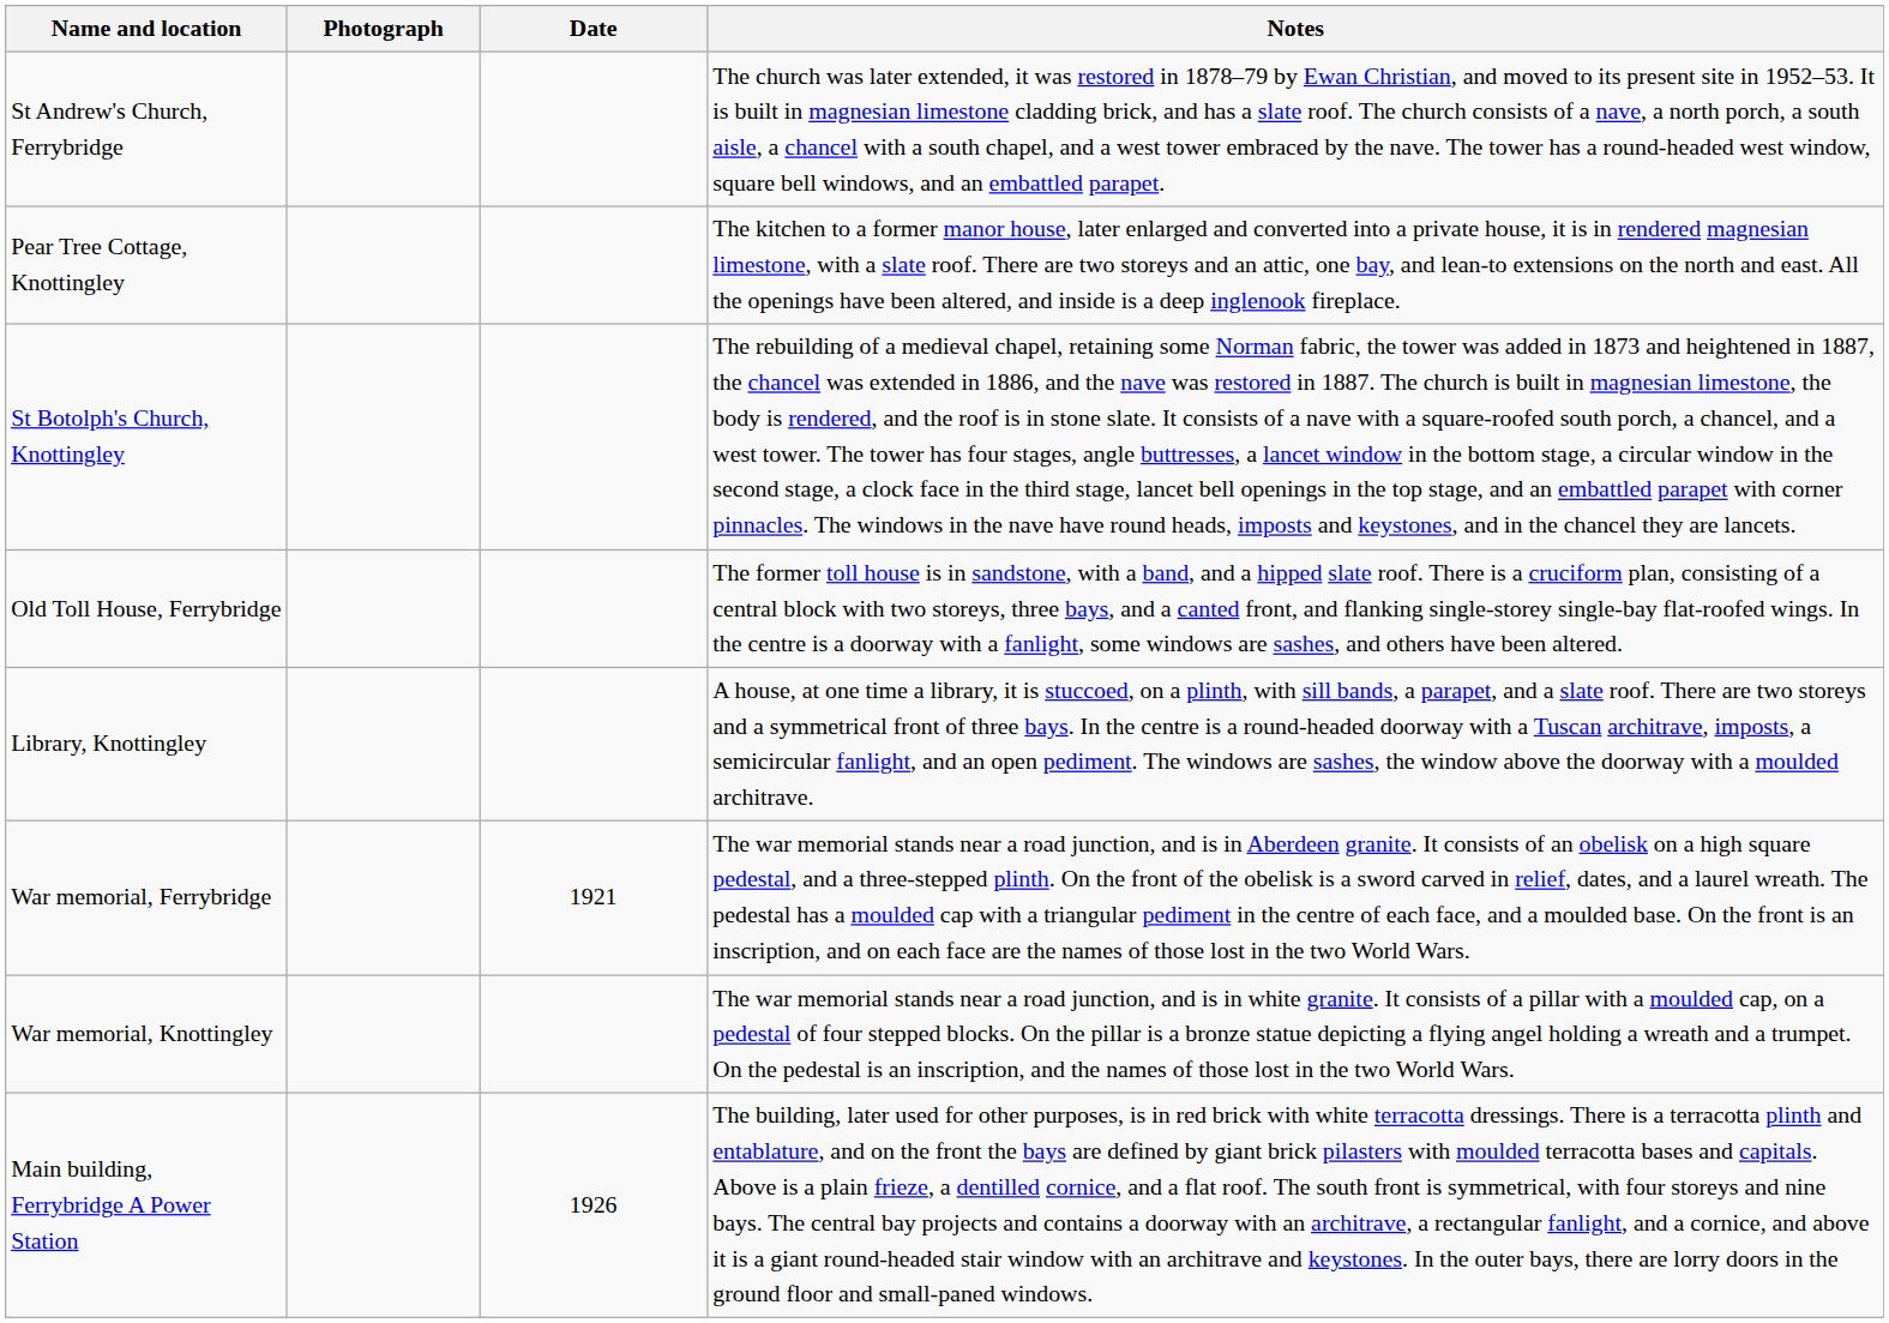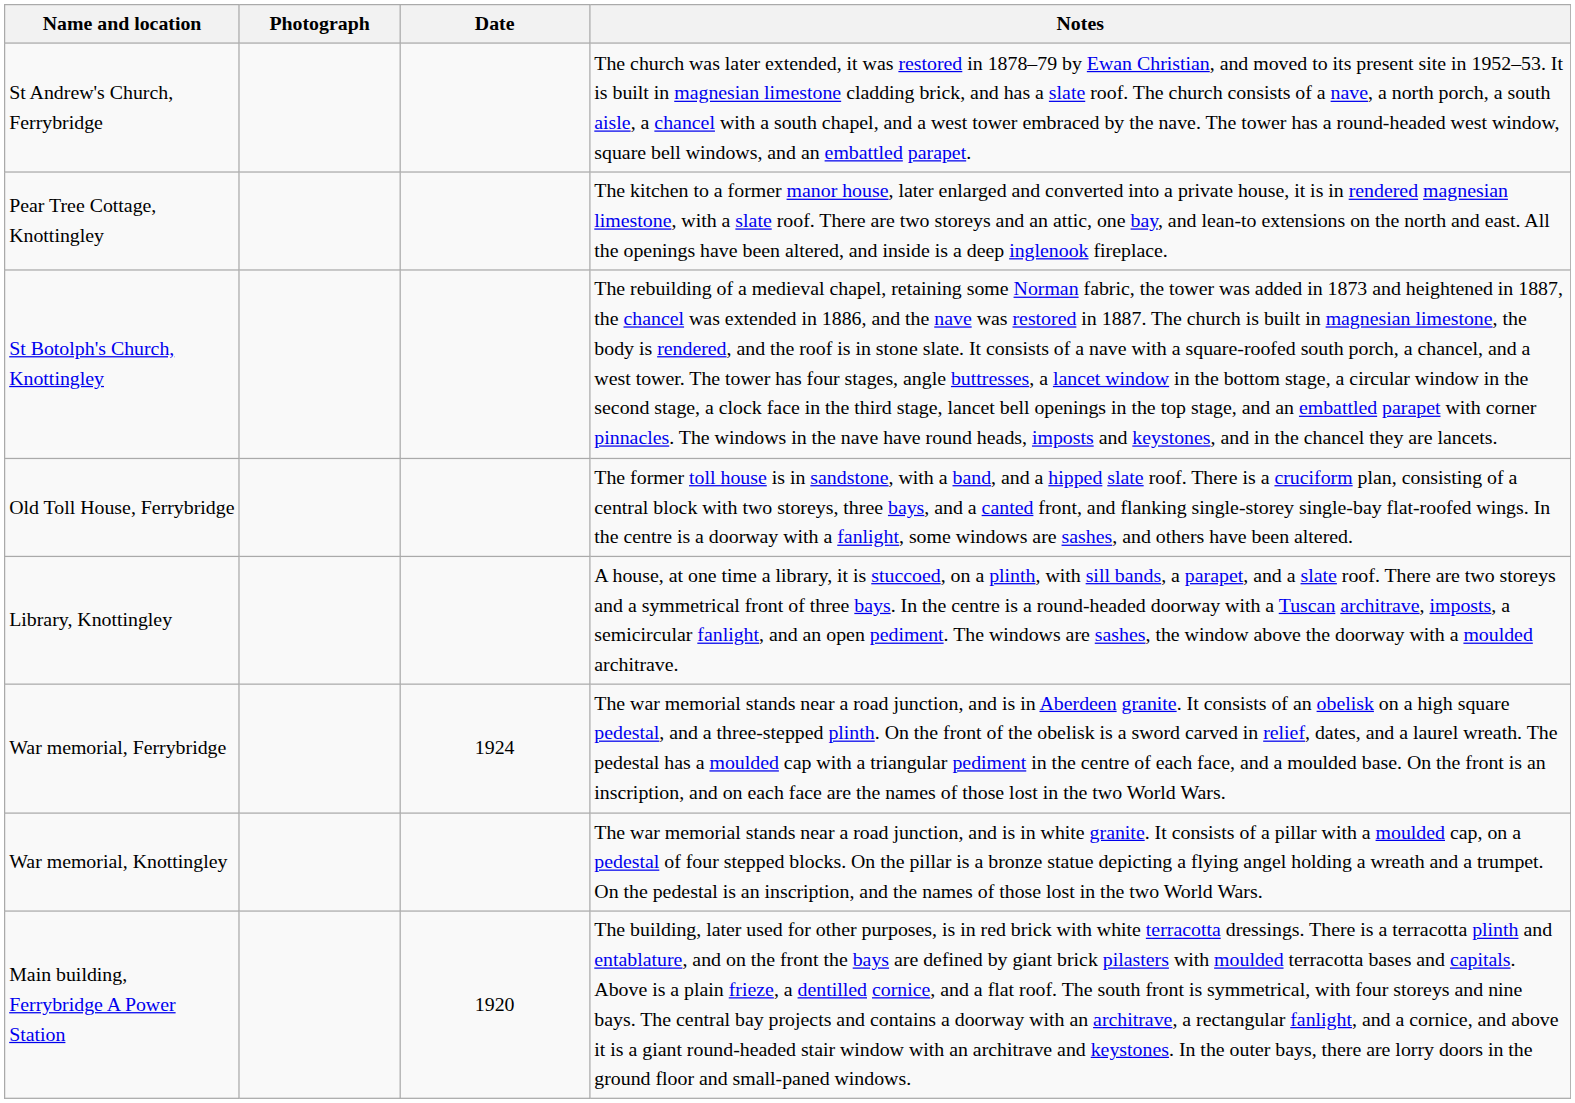 <table class="wikitable sortable plainrowheaders" style="width:100%;border:0px;text-align:left;line-height:150%;">
 <tr>
 <th scope="col"  style="width:150px">Name and location</th>
 <th scope="col"  style="width:100px" class="unsortable">Photograph</th>
 <th scope="col"  style="width:120px">Date</th>
 <th scope="col"  style="width:650px" class="unsortable">Notes</th>
 </tr>
 <tr>
 <td>St Andrew's Church, Ferrybridge<br><small></small></td>
 <td></td>
 <td align="center"></td>
 <td>The church was later extended, it was <a href='#'>restored</a> in 1878–79 by <a href='#'>Ewan Christian</a>, and moved to its present site in 1952–53.  It is built in <a href='#'>magnesian limestone</a> cladding brick, and has a <a href='#'>slate</a> roof.  The church consists of a <a href='#'>nave</a>, a north porch, a south <a href='#'>aisle</a>, a <a href='#'>chancel</a> with a south chapel, and a west tower embraced by the nave.  The tower has a round-headed west window, square bell windows, and an <a href='#'>embattled</a> <a href='#'>parapet</a>.</td>
 </tr>
 <tr>
 <td>Pear Tree Cottage, Knottingley<br><small></small></td>
 <td></td>
 <td align="center"></td>
 <td>The kitchen to a former <a href='#'>manor house</a>, later enlarged and converted into a private house, it is in <a href='#'>rendered</a> <a href='#'>magnesian limestone</a>, with a <a href='#'>slate</a> roof.  There are two storeys and an attic, one <a href='#'>bay</a>, and lean-to extensions on the north and east.  All the openings have been altered, and inside is a deep <a href='#'>inglenook</a> fireplace.</td>
 </tr>
 <tr>
 <td><a href='#'>St Botolph's Church, Knottingley</a><br><small></small></td>
 <td></td>
 <td align="center"></td>
 <td>The rebuilding of a medieval chapel, retaining some <a href='#'>Norman</a> fabric, the tower was added in 1873 and heightened in 1887, the <a href='#'>chancel</a> was extended in 1886, and the <a href='#'>nave</a> was <a href='#'>restored</a> in 1887.  The church is built in <a href='#'>magnesian limestone</a>, the body is <a href='#'>rendered</a>, and the roof is in stone slate.  It consists of a nave with a square-roofed south porch, a chancel, and a west tower.  The tower has four stages, angle <a href='#'>buttresses</a>, a <a href='#'>lancet window</a> in the bottom stage, a circular window in the second stage, a clock face in the third stage, lancet bell openings in the top stage, and an <a href='#'>embattled</a> <a href='#'>parapet</a> with corner <a href='#'>pinnacles</a>.  The windows in the nave have round heads, <a href='#'>imposts</a> and <a href='#'>keystones</a>, and in the chancel they are lancets.</td>
 </tr>
 <tr>
 <td>Old Toll House, Ferrybridge<br><small></small></td>
 <td></td>
 <td align="center"></td>
 <td>The former <a href='#'>toll house</a> is in <a href='#'>sandstone</a>, with a <a href='#'>band</a>, and a <a href='#'>hipped</a> <a href='#'>slate</a> roof.  There is a <a href='#'>cruciform</a> plan, consisting of a central block with two storeys, three <a href='#'>bays</a>, and a <a href='#'>canted</a> front, and flanking single-storey single-bay flat-roofed wings.  In the centre is a doorway with a <a href='#'>fanlight</a>, some windows are <a href='#'>sashes</a>, and others have been altered.</td>
 </tr>
 <tr>
 <td>Library, Knottingley<br><small></small></td>
 <td></td>
 <td align="center"></td>
 <td>A house, at one time a library, it is <a href='#'>stuccoed</a>, on a <a href='#'>plinth</a>, with <a href='#'>sill bands</a>, a <a href='#'>parapet</a>, and a <a href='#'>slate</a> roof.  There are two storeys and a symmetrical front of three <a href='#'>bays</a>.  In the centre is a round-headed doorway  with a <a href='#'>Tuscan</a> <a href='#'>architrave</a>, <a href='#'>imposts</a>, a semicircular <a href='#'>fanlight</a>, and an open <a href='#'>pediment</a>.  The windows are <a href='#'>sashes</a>, the window above the doorway with a <a href='#'>moulded</a> architrave.</td>
 </tr>
 <tr>
 <td>War memorial, Ferrybridge<br><small></small></td>
 <td></td>
-<td align="center">1921</td>
+<td align="center">1924</td>
 <td>The war memorial stands near a road junction, and is in <a href='#'>Aberdeen</a> <a href='#'>granite</a>.  It consists of an <a href='#'>obelisk</a> on a high square <a href='#'>pedestal</a>, and a three-stepped <a href='#'>plinth</a>.  On the front of the obelisk is a sword carved in <a href='#'>relief</a>, dates, and a laurel wreath.  The pedestal has a <a href='#'>moulded</a> cap with a triangular <a href='#'>pediment</a> in the centre of each face, and a moulded base.  On the front is an inscription, and on each face are the names of those lost in the two World Wars.</td>
 </tr>
 <tr>
 <td>War memorial, Knottingley<br><small></small></td>
 <td></td>
 <td align="center"></td>
 <td>The war memorial stands near a road junction, and is in white <a href='#'>granite</a>.  It consists of a pillar with a <a href='#'>moulded</a> cap, on a <a href='#'>pedestal</a> of four stepped blocks.  On the pillar is a bronze statue depicting a flying angel holding a wreath and a trumpet.  On the pedestal is an inscription, and the names of those lost in the two World Wars.</td>
 </tr>
 <tr>
 <td>Main building,<br><a href='#'>Ferrybridge A Power Station</a><br><small></small></td>
 <td></td>
-<td align="center">1926</td>
+<td align="center">1920</td>
 <td>The building, later used for other purposes, is in red brick with white <a href='#'>terracotta</a> dressings.  There is a terracotta <a href='#'>plinth</a> and <a href='#'>entablature</a>, and on the front the <a href='#'>bays</a> are defined by giant brick <a href='#'>pilasters</a> with <a href='#'>moulded</a> terracotta bases and <a href='#'>capitals</a>.  Above is a plain <a href='#'>frieze</a>, a <a href='#'>dentilled</a> <a href='#'>cornice</a>, and a flat roof.  The south front is symmetrical, with four storeys and nine bays.  The central bay projects and contains a doorway with an <a href='#'>architrave</a>, a rectangular <a href='#'>fanlight</a>, and a cornice, and above it is a giant round-headed stair window with an architrave and <a href='#'>keystones</a>.  In the outer bays, there are lorry doors in the ground floor and small-paned windows.</td>
 </tr>
 <tr>
 </tr>
 </table>
